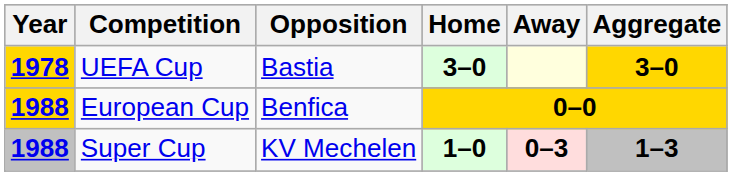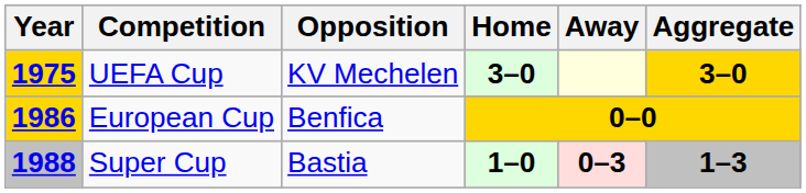 <table class="wikitable">
 <tr>
 <th>Year</th>
 <th>Competition</th>
 <th>Opposition</th>
 <th>Home</th>
 <th>Away</th>
 <th>Aggregate</th>
 </tr>
 <tr>
-<td bgcolor="#FFD700"><strong><a href='#'>1978</a></strong></td>
+<td bgcolor="#FFD700"><strong><a href='#'>1975</a></strong></td>
 <td><a href='#'>UEFA Cup</a></td>
-<td> <a href='#'>Bastia</a></td>
+<td> <a href='#'>KV Mechelen</a></td>
 <td bgcolor="#ddffdd" style="text-align:center;"><strong>3–0</strong></td>
 <td bgcolor="#ffffdd" style="text-align:center;"></td>
 <td bgcolor="#FFD700" style="text-align:center;"><strong>3–0</strong></td>
 </tr>
 <tr>
-<td bgcolor="#FFD700"><strong><a href='#'>1988</a></strong></td>
+<td bgcolor="#FFD700"><strong><a href='#'>1986</a></strong></td>
 <td><a href='#'>European Cup</a></td>
 <td> <a href='#'>Benfica</a></td>
 <td bgcolor="#FFD700" colspan="3" style="text-align:center;"><strong>0–0</strong>  </td>
 </tr>
 <tr>
 <td bgcolor="silver"><strong><a href='#'>1988</a></strong></td>
 <td><a href='#'>Super Cup</a></td>
-<td> <a href='#'>KV Mechelen</a></td>
+<td> <a href='#'>Bastia</a></td>
 <td bgcolor="#ddffdd" style="text-align:center;"><strong>1–0</strong></td>
 <td bgcolor="#ffdddd" style="text-align:center;"><strong>0–3</strong></td>
 <td bgcolor="silver" style="text-align:center;"><strong>1–3</strong></td>
 </tr>
 </table>
